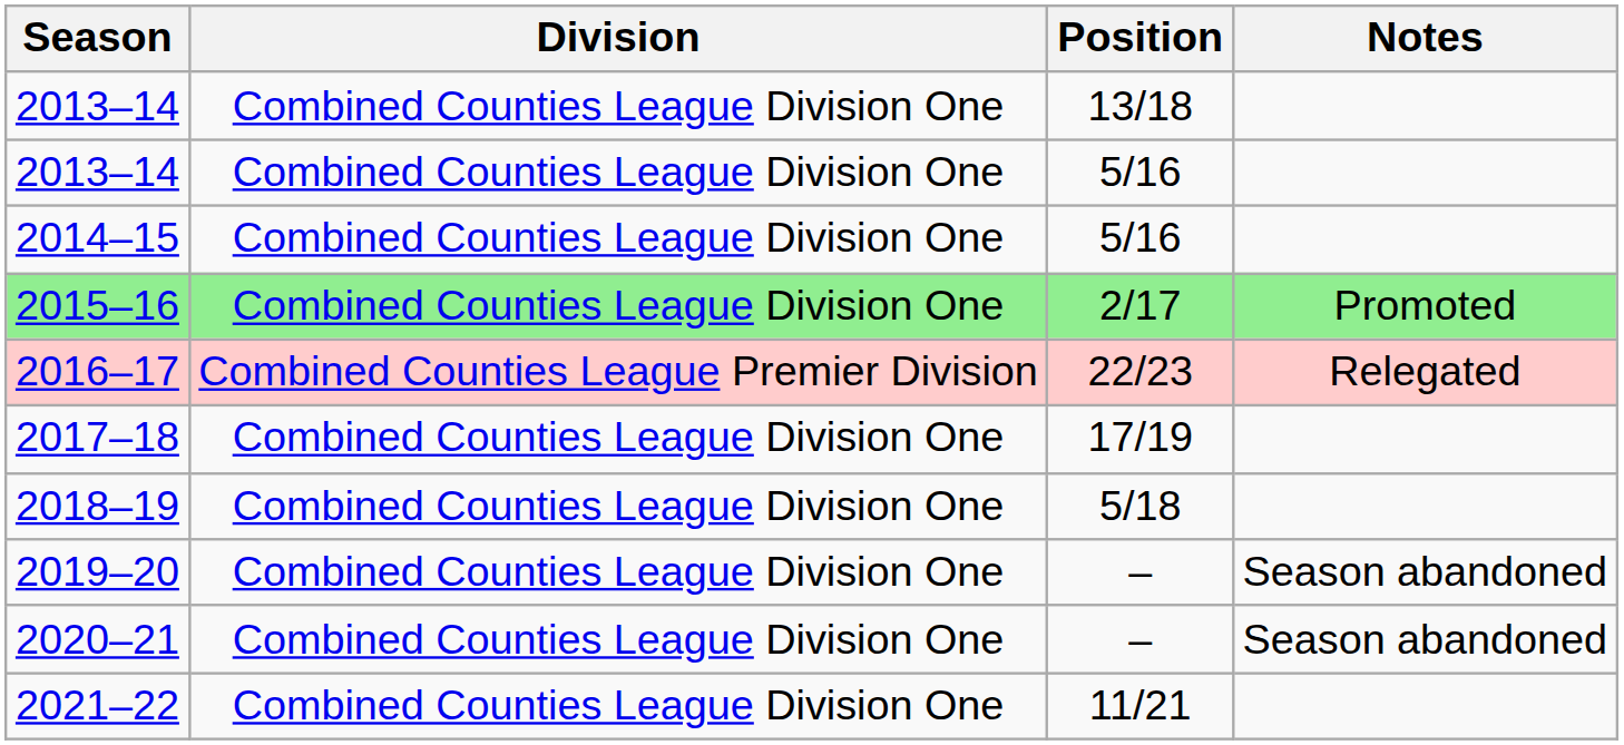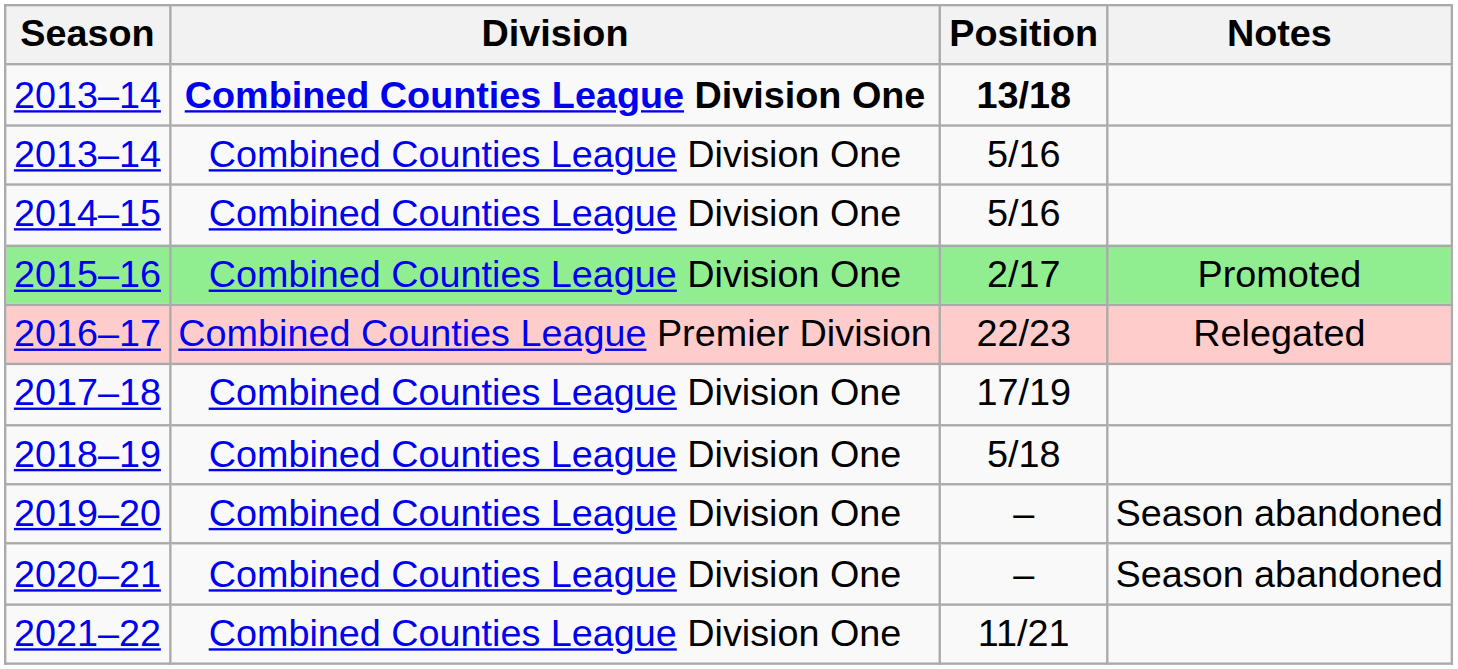 <table class="wikitable collapsible collapsed" style=text-align:center>
 <tr>
 <th>Season</th>
 <th>Division</th>
 <th>Position</th>
 <th>Notes</th>
 </tr>
 <tr>
 <td><a href='#'>2013–14</a></td>
-<td><a href='#'>Combined Counties League</a> Division One</td>
-<td>13/18</td>
+<td><strong><a href='#'>Combined Counties League</a> Division One</strong></td>
+<td><strong>13/18</strong></td>
 <td></td>
 </tr>
 <tr>
 <td><a href='#'>2013–14</a></td>
 <td><a href='#'>Combined Counties League</a> Division One</td>
 <td>5/16</td>
 <td></td>
 </tr>
 <tr>
 <td><a href='#'>2014–15</a></td>
 <td><a href='#'>Combined Counties League</a> Division One</td>
 <td>5/16</td>
 <td></td>
 </tr>
 <tr style="background: #90EE90">
 <td><a href='#'>2015–16</a></td>
 <td><a href='#'>Combined Counties League</a> Division One</td>
 <td>2/17</td>
 <td>Promoted</td>
 </tr>
 <tr style="background:#fcc">
 <td><a href='#'>2016–17</a></td>
 <td><a href='#'>Combined Counties League</a> Premier Division</td>
 <td>22/23</td>
 <td>Relegated</td>
 </tr>
 <tr>
 <td><a href='#'>2017–18</a></td>
 <td><a href='#'>Combined Counties League</a> Division One</td>
 <td>17/19</td>
 <td></td>
 </tr>
 <tr>
 <td><a href='#'>2018–19</a></td>
 <td><a href='#'>Combined Counties League</a> Division One</td>
 <td>5/18</td>
 <td></td>
 </tr>
 <tr>
 <td><a href='#'>2019–20</a></td>
 <td><a href='#'>Combined Counties League</a> Division One</td>
 <td>–</td>
 <td>Season abandoned</td>
 </tr>
 <tr>
 <td><a href='#'>2020–21</a></td>
 <td><a href='#'>Combined Counties League</a> Division One</td>
 <td>–</td>
 <td>Season abandoned</td>
 </tr>
 <tr>
 <td><a href='#'>2021–22</a></td>
 <td><a href='#'>Combined Counties League</a> Division One</td>
 <td>11/21</td>
 <td></td>
 </tr>
 </table>
